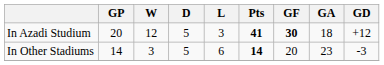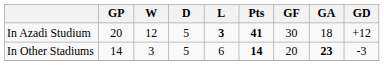 <table class="wikitable" style="text-align: center;">
 <tr>
 <th width=120></th>
 <th width=40>GP</th>
 <th width=40>W</th>
 <th width=40>D</th>
 <th width=40>L</th>
 <th width=40>Pts</th>
 <th width=40>GF</th>
 <th width=40>GA</th>
 <th width=40>GD</th>
 </tr>
 <tr>
 <td style="text-align:left">In Azadi Studium</td>
 <td>20</td>
 <td>12</td>
 <td>5</td>
-<td>3</td>
+<td><strong>3</strong></td>
 <td><strong>41</strong></td>
-<td><strong>30</strong></td>
+<td>30</td>
 <td>18</td>
 <td>+12</td>
 </tr>
 <tr>
 <td style="text-align:left">In Other Stadiums</td>
 <td>14</td>
 <td>3</td>
 <td>5</td>
 <td>6</td>
 <td><strong>14</strong></td>
 <td>20</td>
-<td>23</td>
+<td><strong>23</strong></td>
 <td>-3</td>
 </tr>
 <tr>
 </tr>
 </table>
